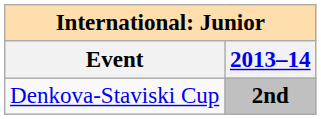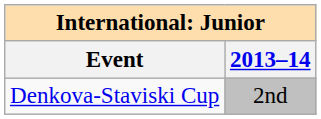 <table class="wikitable" style="text-align:center">
 <tr>
 <th style="background-color: #ffdead; " colspan=3 align=center>International: Junior</th>
 </tr>
 <tr>
 <th>Event</th>
 <th><a href='#'>2013–14</a></th>
 </tr>
 <tr>
 <td align=left><a href='#'>Denkova-Staviski Cup</a></td>
-<td bgcolor=silver><strong>2nd</strong></td>
+<td bgcolor=silver>2nd</td>
 </tr>
 </table>
